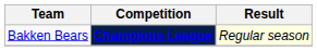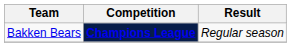 <table class="wikitable sortable">
 <tr>
 <th>Team</th>
 <th>Competition</th>
 <th>Result</th>
 </tr>
 <tr>
 <td rowspan=1><a href='#'>Bakken Bears</a></td>
 <td style="background-color:#071D49;color:#D0D3D4;text-align:center"><strong><a href='#'><span>Champions League</span></a></strong></td>
-<td style="background: lightyellow;"><em>Regular season</em></td>
+<td><em>Regular season</em></td>
 </tr>
 <tr>
 </tr>
 </table>
